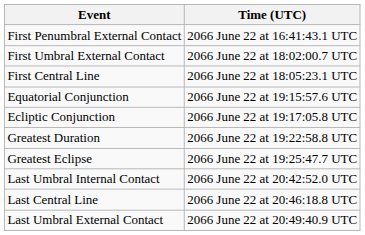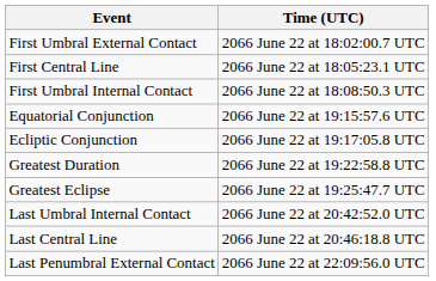 <table class="wikitable">
 <tr>
 <th>Event</th>
 <th>Time (UTC)</th>
-</tr>
-<tr>
-<td>First Penumbral External Contact</td>
-<td>2066 June 22 at 16:41:43.1 UTC</td>
 </tr>
 <tr>
 <td>First Umbral External Contact</td>
 <td>2066 June 22 at 18:02:00.7 UTC</td>
 </tr>
 <tr>
 <td>First Central Line</td>
 <td>2066 June 22 at 18:05:23.1 UTC</td>
+</tr>
+<tr>
+<td>First Umbral Internal Contact</td>
+<td>2066 June 22 at 18:08:50.3 UTC</td>
 </tr>
 <tr>
 <td>Equatorial Conjunction</td>
 <td>2066 June 22 at 19:15:57.6 UTC</td>
 </tr>
 <tr>
 <td>Ecliptic Conjunction</td>
 <td>2066 June 22 at 19:17:05.8 UTC</td>
 </tr>
 <tr>
 <td>Greatest Duration</td>
 <td>2066 June 22 at 19:22:58.8 UTC</td>
 </tr>
 <tr>
 <td>Greatest Eclipse</td>
 <td>2066 June 22 at 19:25:47.7 UTC</td>
 </tr>
 <tr>
 <td>Last Umbral Internal Contact</td>
 <td>2066 June 22 at 20:42:52.0 UTC</td>
 </tr>
 <tr>
 <td>Last Central Line</td>
 <td>2066 June 22 at 20:46:18.8 UTC</td>
 </tr>
 <tr>
-<td>Last Umbral External Contact</td>
-<td>2066 June 22 at 20:49:40.9 UTC</td>
+<td>Last Penumbral External Contact</td>
+<td>2066 June 22 at 22:09:56.0 UTC</td>
 </tr>
 </table>
